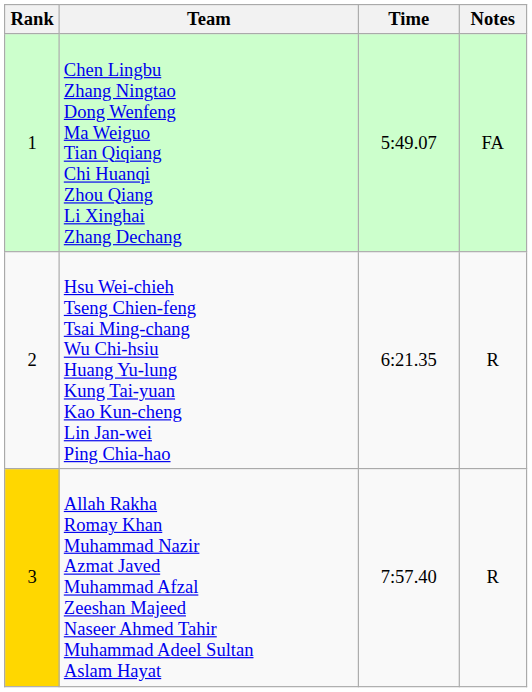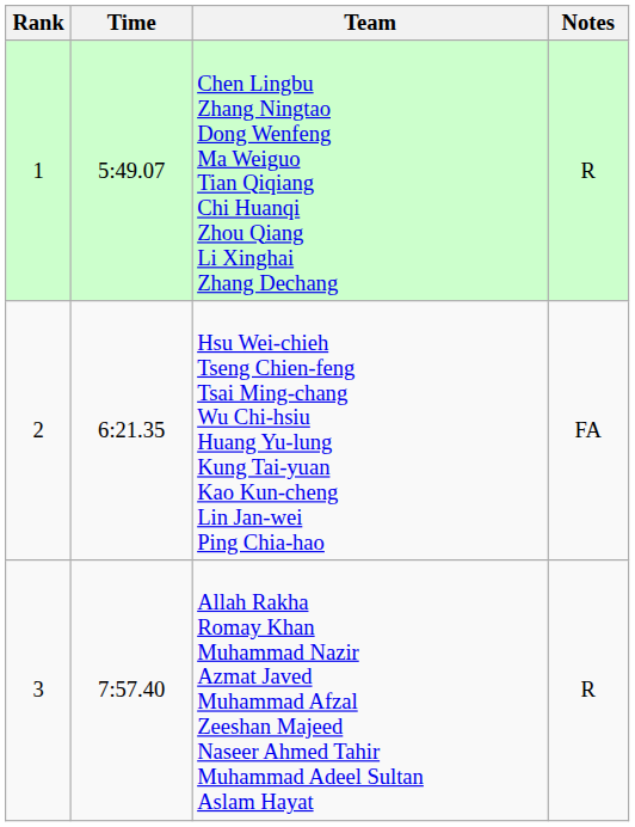 <table class=wikitable style="text-align:center">
 <tr>
 <th width=40>Rank</th>
+<th width=80>Time</th>
 <th width=250>Team</th>
-<th width=80>Time</th>
 <th width=50>Notes</th>
 </tr>
 <tr bgcolor="ccffcc">
 <td>1</td>
+<td>5:49.07</td>
 <td align=left><br><a href='#'>Chen Lingbu</a><br><a href='#'>Zhang Ningtao</a><br><a href='#'>Dong Wenfeng</a><br><a href='#'>Ma Weiguo</a><br><a href='#'>Tian Qiqiang</a><br><a href='#'>Chi Huanqi</a><br><a href='#'>Zhou Qiang</a><br><a href='#'>Li Xinghai</a><br><a href='#'>Zhang Dechang</a></td>
-<td>5:49.07</td>
+<td>R</td>
+</tr>
+<tr>
+<td>2</td>
+<td>6:21.35</td>
+<td align=left><br><a href='#'>Hsu Wei-chieh</a><br><a href='#'>Tseng Chien-feng</a><br><a href='#'>Tsai Ming-chang</a><br><a href='#'>Wu Chi-hsiu</a><br><a href='#'>Huang Yu-lung</a><br><a href='#'>Kung Tai-yuan</a><br><a href='#'>Kao Kun-cheng</a><br><a href='#'>Lin Jan-wei</a><br><a href='#'>Ping Chia-hao</a></td>
 <td>FA</td>
 </tr>
 <tr>
-<td>2</td>
-<td align=left><br><a href='#'>Hsu Wei-chieh</a><br><a href='#'>Tseng Chien-feng</a><br><a href='#'>Tsai Ming-chang</a><br><a href='#'>Wu Chi-hsiu</a><br><a href='#'>Huang Yu-lung</a><br><a href='#'>Kung Tai-yuan</a><br><a href='#'>Kao Kun-cheng</a><br><a href='#'>Lin Jan-wei</a><br><a href='#'>Ping Chia-hao</a></td>
-<td>6:21.35</td>
-<td>R</td>
-</tr>
-<tr>
-<td style="background: gold;">3</td>
+<td>3</td>
+<td>7:57.40</td>
 <td align=left><br><a href='#'>Allah Rakha</a><br><a href='#'>Romay Khan</a><br><a href='#'>Muhammad Nazir</a><br><a href='#'>Azmat Javed</a><br><a href='#'>Muhammad Afzal</a><br><a href='#'>Zeeshan Majeed</a><br><a href='#'>Naseer Ahmed Tahir</a><br><a href='#'>Muhammad Adeel Sultan</a><br><a href='#'>Aslam Hayat</a></td>
-<td>7:57.40</td>
 <td>R</td>
 </tr>
 </table>
